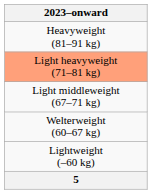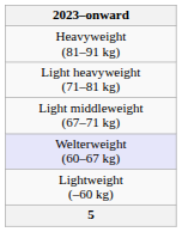 <table class="wikitable" style="text-align:center">
 <tr>
 <th width=200>2023–onward</th>
 </tr>
 <tr>
 <td>Heavyweight<br>(81–91 kg)</td>
 </tr>
 <tr>
-<td style="background: lightsalmon;">Light heavyweight<br>(71–81 kg)</td>
+<td>Light heavyweight<br>(71–81 kg)</td>
 </tr>
 <tr>
 <td>Light middleweight<br>(67–71 kg)</td>
 </tr>
 <tr>
-<td>Welterweight<br>(60–67 kg)</td>
+<td style="background: lavender;">Welterweight<br>(60–67 kg)</td>
 </tr>
 <tr>
 <td>Lightweight<br>(–60 kg)</td>
 </tr>
 <tr>
 <th>5</th>
 </tr>
 </table>
